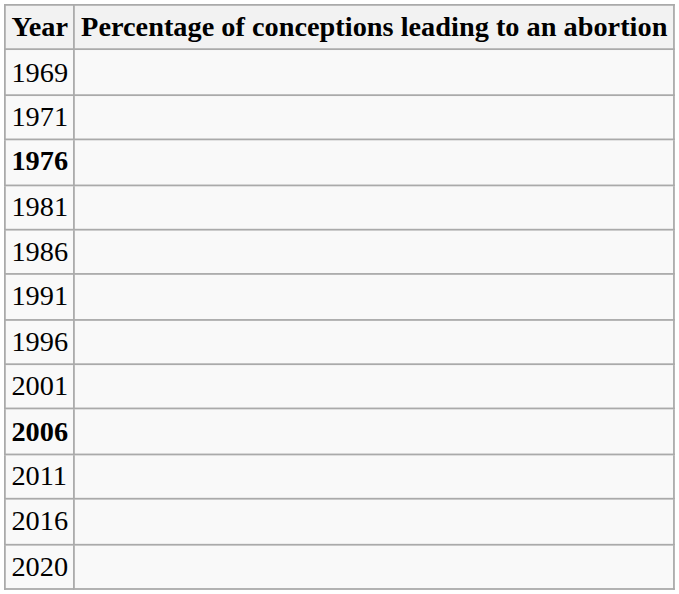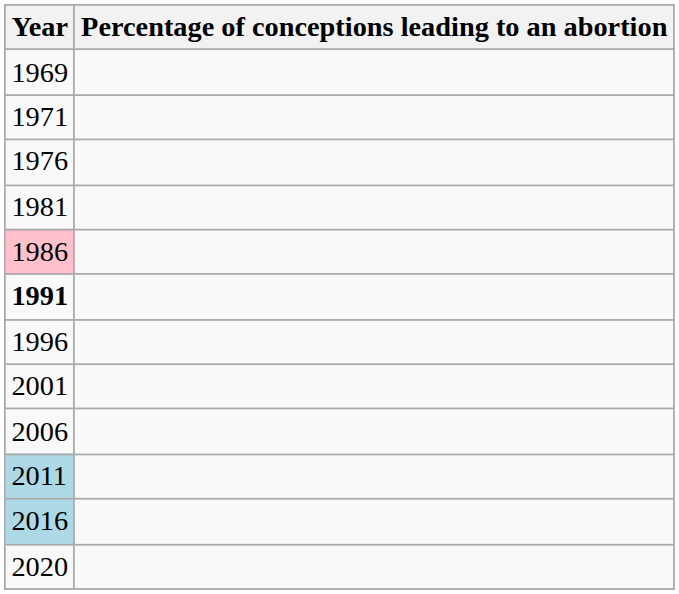 <table class="wikitable">
 <tr>
 <th>Year</th>
 <th>Percentage of conceptions leading to an abortion</th>
 </tr>
 <tr>
 <td>1969</td>
 <td></td>
 </tr>
 <tr>
 <td>1971</td>
 <td></td>
 </tr>
 <tr>
-<td><strong>1976</strong></td>
+<td>1976</td>
 <td></td>
 </tr>
 <tr>
 <td>1981</td>
 <td></td>
 </tr>
 <tr>
-<td>1986</td>
+<td style="background: pink;">1986</td>
 <td></td>
 </tr>
 <tr>
-<td>1991</td>
+<td><strong>1991</strong></td>
 <td></td>
 </tr>
 <tr>
 <td>1996</td>
 <td></td>
 </tr>
 <tr>
 <td>2001</td>
 <td></td>
 </tr>
 <tr>
-<td><strong>2006</strong></td>
+<td>2006</td>
 <td></td>
 </tr>
 <tr>
-<td>2011</td>
+<td style="background: lightblue;">2011</td>
 <td></td>
 </tr>
 <tr>
-<td>2016</td>
+<td style="background: lightblue;">2016</td>
 <td></td>
 </tr>
 <tr>
 <td>2020</td>
 <td></td>
 </tr>
 </table>
